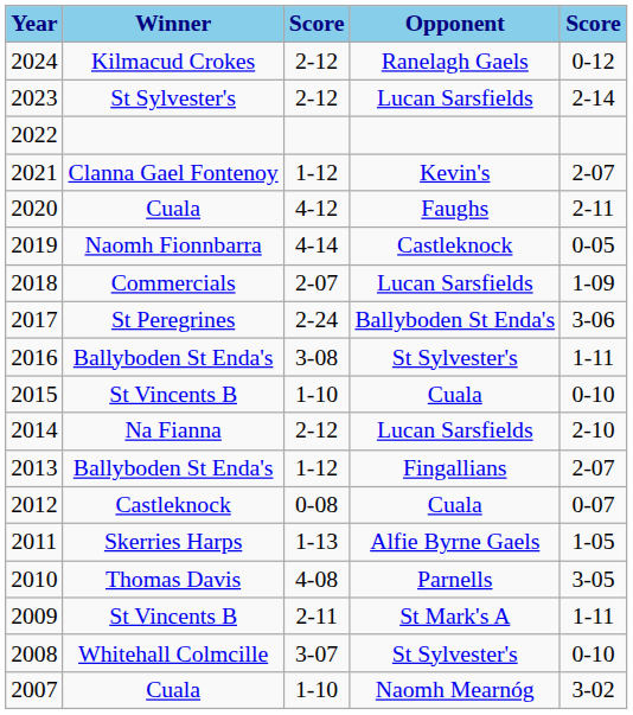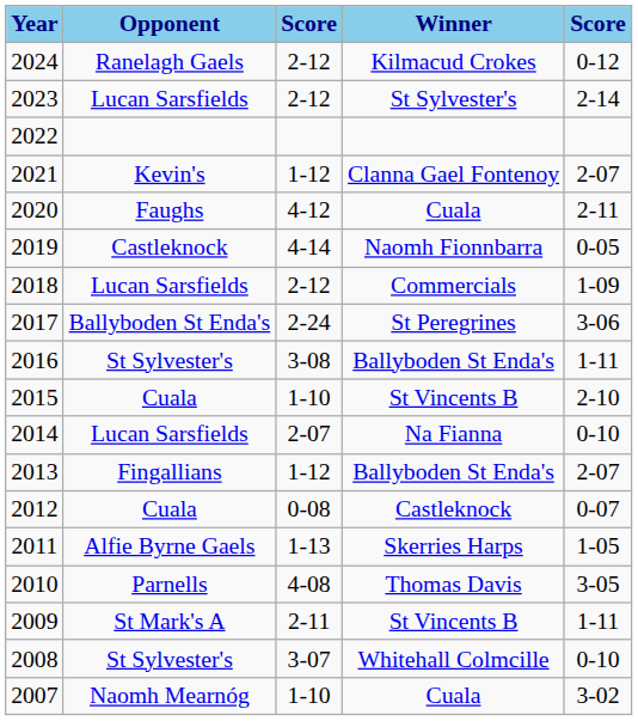 <table class="wikitable" style="text-align:center;">
 <tr>
 <th style="background:skyblue;color:navy;">Year</th>
+<th style="background:skyblue;color:navy;">Opponent</th>
+<th style="background:skyblue;color:navy;">Score</th>
 <th style="background:skyblue;color:navy;">Winner</th>
-<th style="background:skyblue;color:navy;">Score</th>
-<th style="background:skyblue;color:navy;">Opponent</th>
 <th style="background:skyblue;color:navy;">Score</th>
 </tr>
 <tr>
 <td>2024</td>
+<td><a href='#'>Ranelagh Gaels</a></td>
+<td>2-12</td>
 <td><a href='#'>Kilmacud Crokes</a></td>
-<td>2-12</td>
-<td><a href='#'>Ranelagh Gaels</a></td>
 <td>0-12</td>
 </tr>
 <tr>
 <td>2023</td>
+<td><a href='#'>Lucan Sarsfields</a></td>
+<td>2-12</td>
 <td><a href='#'>St Sylvester's</a></td>
-<td>2-12</td>
-<td><a href='#'>Lucan Sarsfields</a></td>
 <td>2-14</td>
 </tr>
 <tr>
 <td>2022</td>
 <td></td>
 <td></td>
 <td></td>
 <td></td>
 </tr>
 <tr>
 <td>2021</td>
+<td><a href='#'>Kevin's</a></td>
+<td>1-12</td>
 <td><a href='#'>Clanna Gael Fontenoy</a></td>
-<td>1-12</td>
-<td><a href='#'>Kevin's</a></td>
 <td>2-07</td>
 </tr>
 <tr>
 <td>2020</td>
+<td><a href='#'>Faughs</a></td>
+<td>4-12</td>
 <td><a href='#'>Cuala</a></td>
-<td>4-12</td>
-<td><a href='#'>Faughs</a></td>
 <td>2-11</td>
 </tr>
 <tr>
 <td>2019</td>
+<td><a href='#'>Castleknock</a></td>
+<td>4-14</td>
 <td><a href='#'>Naomh Fionnbarra</a></td>
-<td>4-14</td>
-<td><a href='#'>Castleknock</a></td>
 <td>0-05</td>
 </tr>
 <tr>
 <td>2018</td>
+<td><a href='#'>Lucan Sarsfields</a></td>
+<td>2-12</td>
 <td><a href='#'>Commercials</a></td>
-<td>2-07</td>
-<td><a href='#'>Lucan Sarsfields</a></td>
 <td>1-09</td>
 </tr>
 <tr>
 <td>2017</td>
+<td><a href='#'>Ballyboden St Enda's</a></td>
+<td>2-24</td>
 <td><a href='#'>St Peregrines</a></td>
-<td>2-24</td>
-<td><a href='#'>Ballyboden St Enda's</a></td>
 <td>3-06</td>
 </tr>
 <tr>
 <td>2016</td>
+<td><a href='#'>St Sylvester's</a></td>
+<td>3-08</td>
 <td><a href='#'>Ballyboden St Enda's</a></td>
-<td>3-08</td>
-<td><a href='#'>St Sylvester's</a></td>
 <td>1-11</td>
 </tr>
 <tr>
 <td>2015</td>
+<td><a href='#'>Cuala</a></td>
+<td>1-10</td>
 <td><a href='#'>St Vincents B</a></td>
-<td>1-10</td>
-<td><a href='#'>Cuala</a></td>
+<td>2-10</td>
+</tr>
+<tr>
+<td>2014</td>
+<td><a href='#'>Lucan Sarsfields</a></td>
+<td>2-07</td>
+<td><a href='#'>Na Fianna</a></td>
 <td>0-10</td>
 </tr>
 <tr>
-<td>2014</td>
-<td><a href='#'>Na Fianna</a></td>
-<td>2-12</td>
-<td><a href='#'>Lucan Sarsfields</a></td>
-<td>2-10</td>
-</tr>
-<tr>
 <td>2013</td>
+<td><a href='#'>Fingallians</a></td>
+<td>1-12</td>
 <td><a href='#'>Ballyboden St Enda's</a></td>
-<td>1-12</td>
-<td><a href='#'>Fingallians</a></td>
 <td>2-07</td>
 </tr>
 <tr>
 <td>2012</td>
+<td><a href='#'>Cuala</a></td>
+<td>0-08</td>
 <td><a href='#'>Castleknock</a></td>
-<td>0-08</td>
-<td><a href='#'>Cuala</a></td>
 <td>0-07</td>
 </tr>
 <tr>
 <td>2011</td>
+<td><a href='#'>Alfie Byrne Gaels</a></td>
+<td>1-13</td>
 <td><a href='#'>Skerries Harps</a></td>
-<td>1-13</td>
-<td><a href='#'>Alfie Byrne Gaels</a></td>
 <td>1-05</td>
 </tr>
 <tr>
 <td>2010</td>
+<td><a href='#'>Parnells</a></td>
+<td>4-08</td>
 <td><a href='#'>Thomas Davis</a></td>
-<td>4-08</td>
-<td><a href='#'>Parnells</a></td>
 <td>3-05</td>
 </tr>
 <tr>
 <td>2009</td>
+<td><a href='#'>St Mark's A</a></td>
+<td>2-11</td>
 <td><a href='#'>St Vincents B</a></td>
-<td>2-11</td>
-<td><a href='#'>St Mark's A</a></td>
 <td>1-11</td>
 </tr>
 <tr>
 <td>2008</td>
+<td><a href='#'>St Sylvester's</a></td>
+<td>3-07</td>
 <td><a href='#'>Whitehall Colmcille</a></td>
-<td>3-07</td>
-<td><a href='#'>St Sylvester's</a></td>
 <td>0-10</td>
 </tr>
 <tr>
 <td>2007</td>
+<td><a href='#'>Naomh Mearnóg</a></td>
+<td>1-10</td>
 <td><a href='#'>Cuala</a></td>
-<td>1-10</td>
-<td><a href='#'>Naomh Mearnóg</a></td>
 <td>3-02</td>
 </tr>
 </table>
